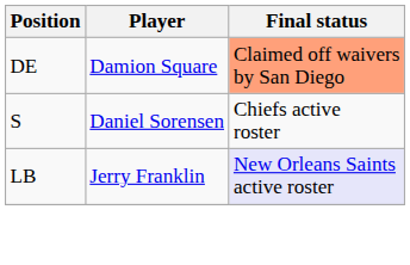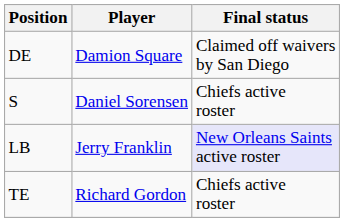 <table class="wikitable sortable">
 <tr>
 <th>Position</th>
 <th>Player</th>
 <th>Final status</th>
 </tr>
 <tr>
 <td>DE</td>
 <td><a href='#'>Damion Square</a></td>
-<td style="background: lightsalmon;">Claimed off waivers<br>by San Diego</td>
+<td>Claimed off waivers<br>by San Diego</td>
 </tr>
 <tr>
 <td>S</td>
 <td><a href='#'>Daniel Sorensen</a></td>
 <td>Chiefs active<br>roster</td>
 </tr>
 <tr>
 <td>LB</td>
 <td><a href='#'>Jerry Franklin</a></td>
 <td style="background: lavender;"><a href='#'>New Orleans Saints</a><br>active roster</td>
 </tr>
 <tr>
+<td>TE</td>
+<td><a href='#'>Richard Gordon</a></td>
+<td>Chiefs active<br>roster</td>
+</tr>
+<tr>
 </tr>
 </table>
